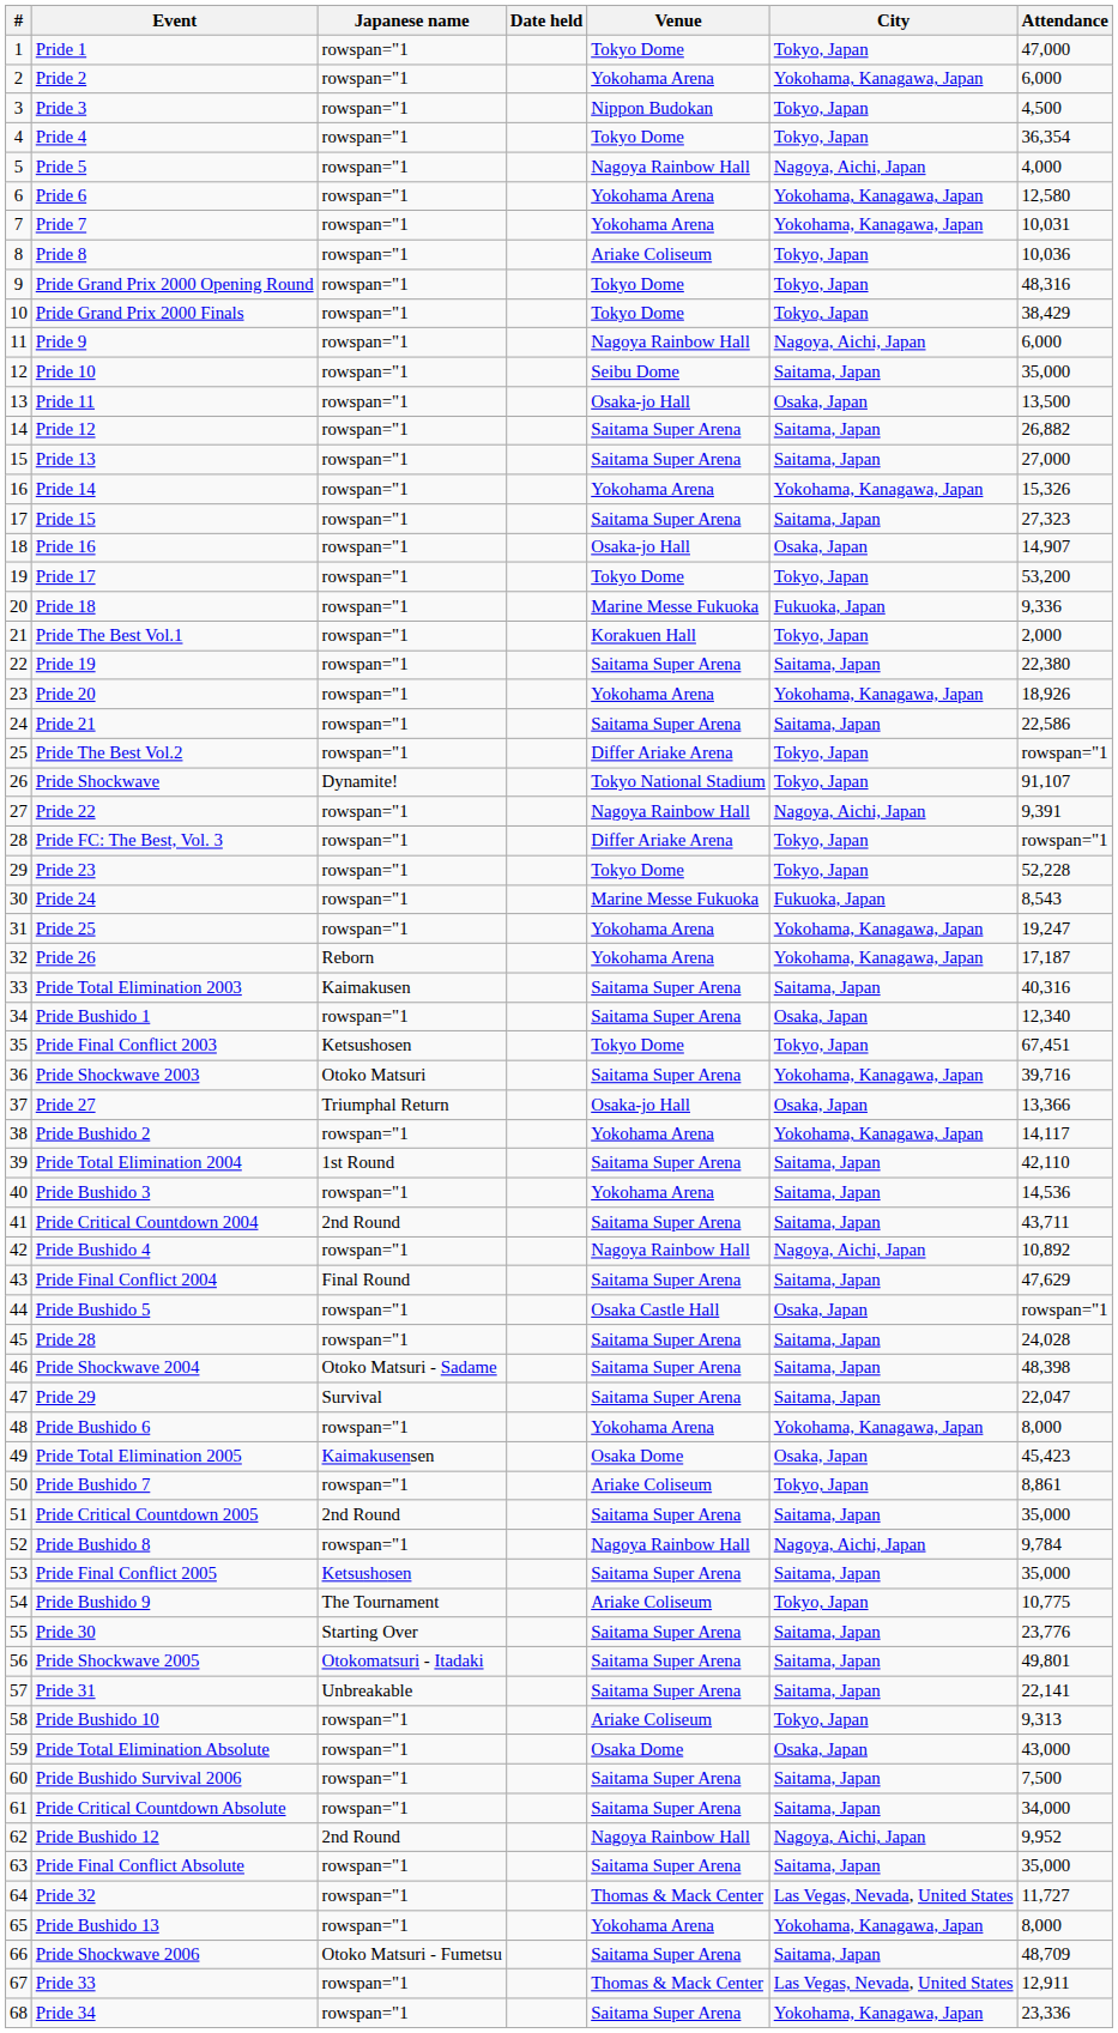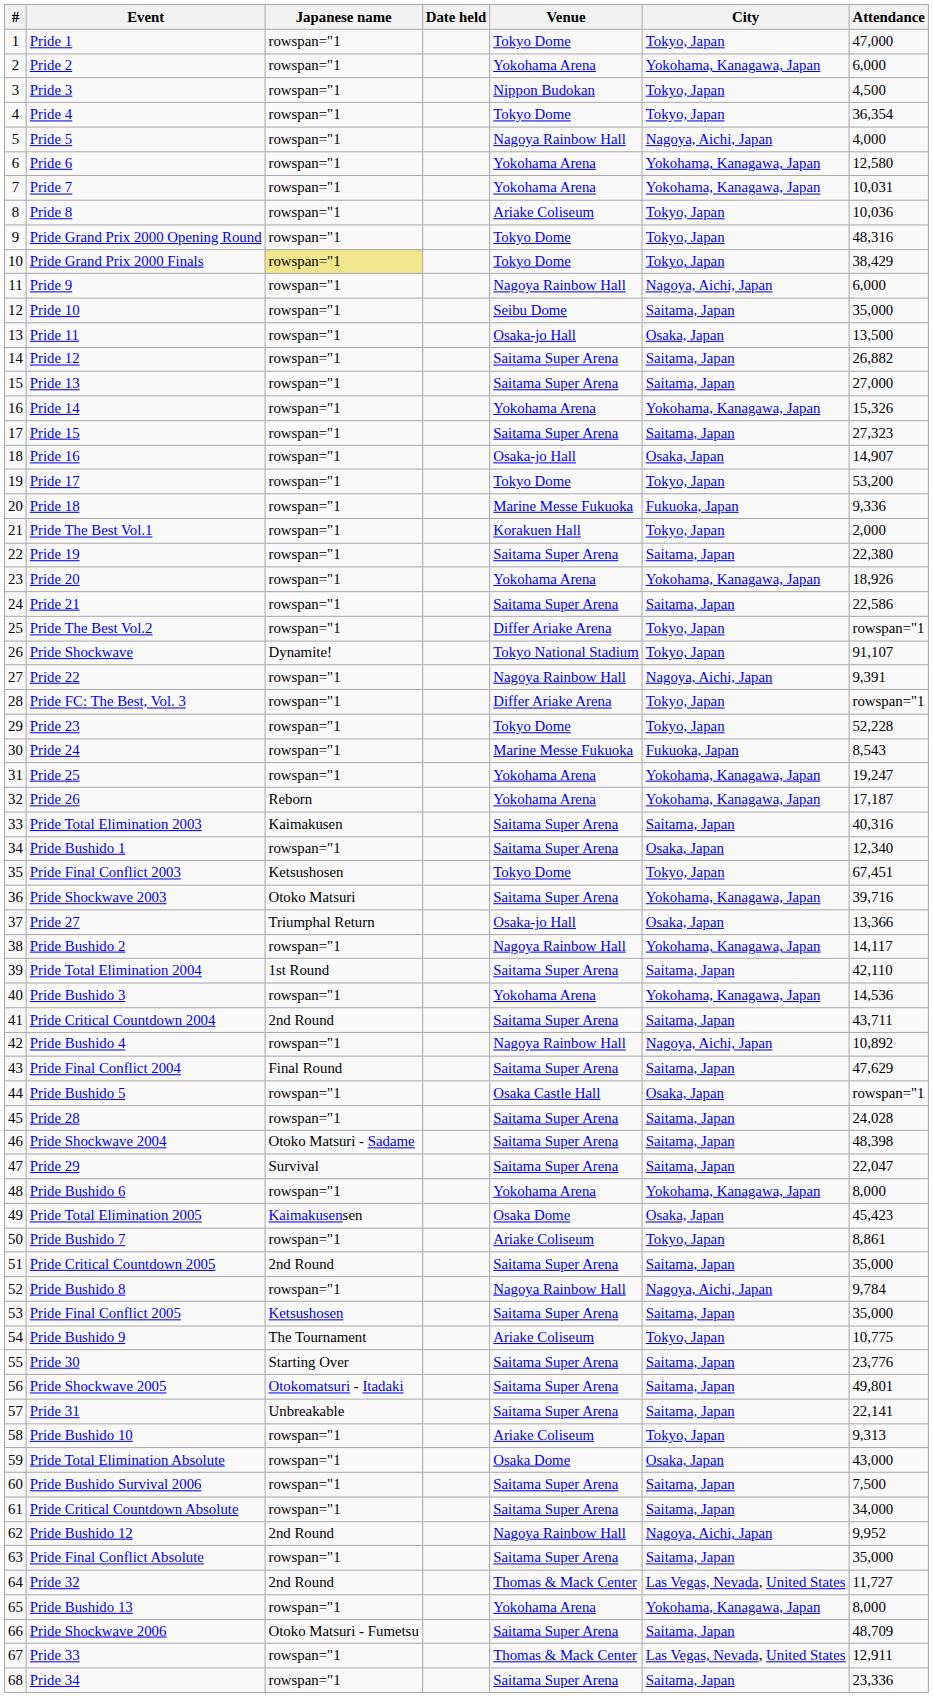 <table class="sortable wikitable succession-box" style="font-size:90%;">
 <tr>
 <th>#</th>
 <th>Event</th>
 <th>Japanese name</th>
 <th>Date held</th>
 <th>Venue</th>
 <th>City</th>
 <th>Attendance</th>
 </tr>
 <tr>
 <td style="text-align:center">1</td>
 <td><a href='#'>Pride 1</a></td>
 <td>rowspan="1 </td>
 <td></td>
 <td><a href='#'>Tokyo Dome</a></td>
 <td><a href='#'>Tokyo, Japan</a></td>
 <td>47,000</td>
 </tr>
 <tr>
 <td style="text-align:center">2</td>
 <td><a href='#'>Pride 2</a></td>
 <td>rowspan="1 </td>
 <td></td>
 <td><a href='#'>Yokohama Arena</a></td>
 <td><a href='#'>Yokohama, Kanagawa, Japan</a></td>
 <td>6,000</td>
 </tr>
 <tr>
 <td style="text-align:center">3</td>
 <td><a href='#'>Pride 3</a></td>
 <td>rowspan="1 </td>
 <td></td>
 <td><a href='#'>Nippon Budokan</a></td>
 <td><a href='#'>Tokyo, Japan</a></td>
 <td>4,500</td>
 </tr>
 <tr>
 <td style="text-align:center">4</td>
 <td><a href='#'>Pride 4</a></td>
 <td>rowspan="1 </td>
 <td></td>
 <td><a href='#'>Tokyo Dome</a></td>
 <td><a href='#'>Tokyo, Japan</a></td>
 <td>36,354</td>
 </tr>
 <tr>
 <td style="text-align:center">5</td>
 <td><a href='#'>Pride 5</a></td>
 <td>rowspan="1 </td>
 <td></td>
 <td><a href='#'>Nagoya Rainbow Hall</a></td>
 <td><a href='#'>Nagoya, Aichi, Japan</a></td>
 <td>4,000</td>
 </tr>
 <tr>
 <td style="text-align:center">6</td>
 <td><a href='#'>Pride 6</a></td>
 <td>rowspan="1 </td>
 <td></td>
 <td><a href='#'>Yokohama Arena</a></td>
 <td><a href='#'>Yokohama, Kanagawa, Japan</a></td>
 <td>12,580</td>
 </tr>
 <tr>
 <td style="text-align:center">7</td>
 <td><a href='#'>Pride 7</a></td>
 <td>rowspan="1 </td>
 <td></td>
 <td><a href='#'>Yokohama Arena</a></td>
 <td><a href='#'>Yokohama, Kanagawa, Japan</a></td>
 <td>10,031</td>
 </tr>
 <tr>
 <td style="text-align:center">8</td>
 <td><a href='#'>Pride 8</a></td>
 <td>rowspan="1 </td>
 <td></td>
 <td><a href='#'>Ariake Coliseum</a></td>
 <td><a href='#'>Tokyo, Japan</a></td>
 <td>10,036</td>
 </tr>
 <tr>
 <td style="text-align:center">9</td>
 <td><a href='#'>Pride Grand Prix 2000 Opening Round</a></td>
 <td>rowspan="1 </td>
 <td></td>
 <td><a href='#'>Tokyo Dome</a></td>
 <td><a href='#'>Tokyo, Japan</a></td>
 <td>48,316</td>
 </tr>
 <tr>
 <td style="text-align:center">10</td>
 <td><a href='#'>Pride Grand Prix 2000 Finals</a></td>
-<td>rowspan="1 </td>
+<td style="background: khaki;">rowspan="1 </td>
 <td></td>
 <td><a href='#'>Tokyo Dome</a></td>
 <td><a href='#'>Tokyo, Japan</a></td>
 <td>38,429</td>
 </tr>
 <tr>
 <td style="text-align:center">11</td>
 <td><a href='#'>Pride 9</a></td>
 <td>rowspan="1 </td>
 <td></td>
 <td><a href='#'>Nagoya Rainbow Hall</a></td>
 <td><a href='#'>Nagoya, Aichi, Japan</a></td>
 <td>6,000</td>
 </tr>
 <tr>
 <td style="text-align:center">12</td>
 <td><a href='#'>Pride 10</a></td>
 <td>rowspan="1 </td>
 <td></td>
 <td><a href='#'>Seibu Dome</a></td>
 <td><a href='#'>Saitama, Japan</a></td>
 <td>35,000</td>
 </tr>
 <tr>
 <td style="text-align:center">13</td>
 <td><a href='#'>Pride 11</a></td>
 <td>rowspan="1 </td>
 <td></td>
 <td><a href='#'>Osaka-jo Hall</a></td>
 <td><a href='#'>Osaka, Japan</a></td>
 <td>13,500</td>
 </tr>
 <tr>
 <td style="text-align:center">14</td>
 <td><a href='#'>Pride 12</a></td>
 <td>rowspan="1 </td>
 <td></td>
 <td><a href='#'>Saitama Super Arena</a></td>
 <td><a href='#'>Saitama, Japan</a></td>
 <td>26,882</td>
 </tr>
 <tr>
 <td style="text-align:center">15</td>
 <td><a href='#'>Pride 13</a></td>
 <td>rowspan="1 </td>
 <td></td>
 <td><a href='#'>Saitama Super Arena</a></td>
 <td><a href='#'>Saitama, Japan</a></td>
 <td>27,000</td>
 </tr>
 <tr>
 <td style="text-align:center">16</td>
 <td><a href='#'>Pride 14</a></td>
 <td>rowspan="1 </td>
 <td></td>
 <td><a href='#'>Yokohama Arena</a></td>
 <td><a href='#'>Yokohama, Kanagawa, Japan</a></td>
 <td>15,326</td>
 </tr>
 <tr>
 <td style="text-align:center">17</td>
 <td><a href='#'>Pride 15</a></td>
 <td>rowspan="1 </td>
 <td></td>
 <td><a href='#'>Saitama Super Arena</a></td>
 <td><a href='#'>Saitama, Japan</a></td>
 <td>27,323</td>
 </tr>
 <tr>
 <td style="text-align:center">18</td>
 <td><a href='#'>Pride 16</a></td>
 <td>rowspan="1 </td>
 <td></td>
 <td><a href='#'>Osaka-jo Hall</a></td>
 <td><a href='#'>Osaka, Japan</a></td>
 <td>14,907</td>
 </tr>
 <tr>
 <td style="text-align:center">19</td>
 <td><a href='#'>Pride 17</a></td>
 <td>rowspan="1 </td>
 <td></td>
 <td><a href='#'>Tokyo Dome</a></td>
 <td><a href='#'>Tokyo, Japan</a></td>
 <td>53,200</td>
 </tr>
 <tr>
 <td style="text-align:center">20</td>
 <td><a href='#'>Pride 18</a></td>
 <td>rowspan="1 </td>
 <td></td>
 <td><a href='#'>Marine Messe Fukuoka</a></td>
 <td><a href='#'>Fukuoka, Japan</a></td>
 <td>9,336</td>
 </tr>
 <tr>
 <td style="text-align:center">21</td>
 <td><a href='#'>Pride The Best Vol.1</a></td>
 <td>rowspan="1 </td>
 <td></td>
 <td><a href='#'>Korakuen Hall</a></td>
 <td><a href='#'>Tokyo, Japan</a></td>
 <td>2,000</td>
 </tr>
 <tr>
 <td style="text-align:center">22</td>
 <td><a href='#'>Pride 19</a></td>
 <td>rowspan="1 </td>
 <td></td>
 <td><a href='#'>Saitama Super Arena</a></td>
 <td><a href='#'>Saitama, Japan</a></td>
 <td>22,380</td>
 </tr>
 <tr>
 <td style="text-align:center">23</td>
 <td><a href='#'>Pride 20</a></td>
 <td>rowspan="1 </td>
 <td></td>
 <td><a href='#'>Yokohama Arena</a></td>
 <td><a href='#'>Yokohama, Kanagawa, Japan</a></td>
 <td>18,926</td>
 </tr>
 <tr>
 <td style="text-align:center">24</td>
 <td><a href='#'>Pride 21</a></td>
 <td>rowspan="1 </td>
 <td></td>
 <td><a href='#'>Saitama Super Arena</a></td>
 <td><a href='#'>Saitama, Japan</a></td>
 <td>22,586</td>
 </tr>
 <tr>
 <td style="text-align:center">25</td>
 <td><a href='#'>Pride The Best Vol.2</a></td>
 <td>rowspan="1 </td>
 <td></td>
 <td><a href='#'>Differ Ariake Arena</a></td>
 <td><a href='#'>Tokyo, Japan</a></td>
 <td>rowspan="1 </td>
 </tr>
 <tr>
 <td style="text-align:center">26</td>
 <td><a href='#'>Pride Shockwave</a></td>
 <td>Dynamite!</td>
 <td></td>
 <td><a href='#'>Tokyo National Stadium</a></td>
 <td><a href='#'>Tokyo, Japan</a></td>
 <td>91,107</td>
 </tr>
 <tr>
 <td style="text-align:center">27</td>
 <td><a href='#'>Pride 22</a></td>
 <td>rowspan="1 </td>
 <td></td>
 <td><a href='#'>Nagoya Rainbow Hall</a></td>
 <td><a href='#'>Nagoya, Aichi, Japan</a></td>
 <td>9,391</td>
 </tr>
 <tr>
 <td style="text-align:center">28</td>
 <td><a href='#'>Pride FC: The Best, Vol. 3</a></td>
 <td>rowspan="1 </td>
 <td></td>
 <td><a href='#'>Differ Ariake Arena</a></td>
 <td><a href='#'>Tokyo, Japan</a></td>
 <td>rowspan="1 </td>
 </tr>
 <tr>
 <td style="text-align:center">29</td>
 <td><a href='#'>Pride 23</a></td>
 <td>rowspan="1 </td>
 <td></td>
 <td><a href='#'>Tokyo Dome</a></td>
 <td><a href='#'>Tokyo, Japan</a></td>
 <td>52,228</td>
 </tr>
 <tr>
 <td style="text-align:center">30</td>
 <td><a href='#'>Pride 24</a></td>
 <td>rowspan="1 </td>
 <td></td>
 <td><a href='#'>Marine Messe Fukuoka</a></td>
 <td><a href='#'>Fukuoka, Japan</a></td>
 <td>8,543</td>
 </tr>
 <tr>
 <td style="text-align:center">31</td>
 <td><a href='#'>Pride 25</a></td>
 <td>rowspan="1 </td>
 <td></td>
 <td><a href='#'>Yokohama Arena</a></td>
 <td><a href='#'>Yokohama, Kanagawa, Japan</a></td>
 <td>19,247</td>
 </tr>
 <tr>
 <td style="text-align:center">32</td>
 <td><a href='#'>Pride 26</a></td>
 <td>Reborn</td>
 <td></td>
 <td><a href='#'>Yokohama Arena</a></td>
 <td><a href='#'>Yokohama, Kanagawa, Japan</a></td>
 <td>17,187</td>
 </tr>
 <tr>
 <td style="text-align:center">33</td>
 <td><a href='#'>Pride Total Elimination 2003</a></td>
 <td>Kaimakusen</td>
 <td></td>
 <td><a href='#'>Saitama Super Arena</a></td>
 <td><a href='#'>Saitama, Japan</a></td>
 <td>40,316</td>
 </tr>
 <tr>
 <td style="text-align:center">34</td>
 <td><a href='#'>Pride Bushido 1</a></td>
 <td>rowspan="1 </td>
 <td></td>
 <td><a href='#'>Saitama Super Arena</a></td>
 <td><a href='#'>Osaka, Japan</a></td>
 <td>12,340</td>
 </tr>
 <tr>
 <td style="text-align:center">35</td>
 <td><a href='#'>Pride Final Conflict 2003</a></td>
 <td>Ketsushosen</td>
 <td></td>
 <td><a href='#'>Tokyo Dome</a></td>
 <td><a href='#'>Tokyo, Japan</a></td>
 <td>67,451</td>
 </tr>
 <tr>
 <td style="text-align:center">36</td>
 <td><a href='#'>Pride Shockwave 2003</a></td>
 <td>Otoko Matsuri</td>
 <td></td>
 <td><a href='#'>Saitama Super Arena</a></td>
 <td><a href='#'>Yokohama, Kanagawa, Japan</a></td>
 <td>39,716</td>
 </tr>
 <tr>
 <td style="text-align:center">37</td>
 <td><a href='#'>Pride 27</a></td>
 <td>Triumphal Return</td>
 <td></td>
 <td><a href='#'>Osaka-jo Hall</a></td>
 <td><a href='#'>Osaka, Japan</a></td>
 <td>13,366</td>
 </tr>
 <tr>
 <td style="text-align:center">38</td>
 <td><a href='#'>Pride Bushido 2</a></td>
 <td>rowspan="1 </td>
 <td></td>
-<td><a href='#'>Yokohama Arena</a></td>
+<td><a href='#'>Nagoya Rainbow Hall</a></td>
 <td><a href='#'>Yokohama, Kanagawa, Japan</a></td>
 <td>14,117</td>
 </tr>
 <tr>
 <td style="text-align:center">39</td>
 <td><a href='#'>Pride Total Elimination 2004</a></td>
 <td>1st Round</td>
 <td></td>
 <td><a href='#'>Saitama Super Arena</a></td>
 <td><a href='#'>Saitama, Japan</a></td>
 <td>42,110</td>
 </tr>
 <tr>
 <td style="text-align:center">40</td>
 <td><a href='#'>Pride Bushido 3</a></td>
 <td>rowspan="1 </td>
 <td></td>
 <td><a href='#'>Yokohama Arena</a></td>
-<td><a href='#'>Saitama, Japan</a></td>
+<td><a href='#'>Yokohama, Kanagawa, Japan</a></td>
 <td>14,536</td>
 </tr>
 <tr>
 <td style="text-align:center">41</td>
 <td><a href='#'>Pride Critical Countdown 2004</a></td>
 <td>2nd Round</td>
 <td></td>
 <td><a href='#'>Saitama Super Arena</a></td>
 <td><a href='#'>Saitama, Japan</a></td>
 <td>43,711</td>
 </tr>
 <tr>
 <td style="text-align:center">42</td>
 <td><a href='#'>Pride Bushido 4</a></td>
 <td>rowspan="1 </td>
 <td></td>
 <td><a href='#'>Nagoya Rainbow Hall</a></td>
 <td><a href='#'>Nagoya, Aichi, Japan</a></td>
 <td>10,892</td>
 </tr>
 <tr>
 <td style="text-align:center">43</td>
 <td><a href='#'>Pride Final Conflict 2004</a></td>
 <td>Final Round</td>
 <td></td>
 <td><a href='#'>Saitama Super Arena</a></td>
 <td><a href='#'>Saitama, Japan</a></td>
 <td>47,629</td>
 </tr>
 <tr>
 <td style="text-align:center">44</td>
 <td><a href='#'>Pride Bushido 5</a></td>
 <td>rowspan="1 </td>
 <td></td>
 <td><a href='#'>Osaka Castle Hall</a></td>
 <td><a href='#'>Osaka, Japan</a></td>
 <td>rowspan="1 </td>
 </tr>
 <tr>
 <td style="text-align:center">45</td>
 <td><a href='#'>Pride 28</a></td>
 <td>rowspan="1 </td>
 <td></td>
 <td><a href='#'>Saitama Super Arena</a></td>
 <td><a href='#'>Saitama, Japan</a></td>
 <td>24,028</td>
 </tr>
 <tr>
 <td style="text-align:center">46</td>
 <td><a href='#'>Pride Shockwave 2004</a></td>
 <td>Otoko Matsuri - <a href='#'>Sadame</a></td>
 <td></td>
 <td><a href='#'>Saitama Super Arena</a></td>
 <td><a href='#'>Saitama, Japan</a></td>
 <td>48,398</td>
 </tr>
 <tr>
 <td style="text-align:center">47</td>
 <td><a href='#'>Pride 29</a></td>
 <td>Survival</td>
 <td></td>
 <td><a href='#'>Saitama Super Arena</a></td>
 <td><a href='#'>Saitama, Japan</a></td>
 <td>22,047</td>
 </tr>
 <tr>
 <td style="text-align:center">48</td>
 <td><a href='#'>Pride Bushido 6</a></td>
 <td>rowspan="1 </td>
 <td></td>
 <td><a href='#'>Yokohama Arena</a></td>
 <td><a href='#'>Yokohama, Kanagawa, Japan</a></td>
 <td>8,000</td>
 </tr>
 <tr>
 <td style="text-align:center">49</td>
 <td><a href='#'>Pride Total Elimination 2005</a></td>
 <td><a href='#'>Kai</a><a href='#'>makusen</a>sen</td>
 <td></td>
 <td><a href='#'>Osaka Dome</a></td>
 <td><a href='#'>Osaka, Japan</a></td>
 <td>45,423</td>
 </tr>
 <tr>
 <td style="text-align:center">50</td>
 <td><a href='#'>Pride Bushido 7</a></td>
 <td>rowspan="1 </td>
 <td></td>
 <td><a href='#'>Ariake Coliseum</a></td>
 <td><a href='#'>Tokyo, Japan</a></td>
 <td>8,861</td>
 </tr>
 <tr>
 <td style="text-align:center">51</td>
 <td><a href='#'>Pride Critical Countdown 2005</a></td>
 <td>2nd Round</td>
 <td></td>
 <td><a href='#'>Saitama Super Arena</a></td>
 <td><a href='#'>Saitama, Japan</a></td>
 <td>35,000</td>
 </tr>
 <tr>
 <td style="text-align:center">52</td>
 <td><a href='#'>Pride Bushido 8</a></td>
 <td>rowspan="1 </td>
 <td></td>
 <td><a href='#'>Nagoya Rainbow Hall</a></td>
 <td><a href='#'>Nagoya, Aichi, Japan</a></td>
 <td>9,784</td>
 </tr>
 <tr>
 <td style="text-align:center">53</td>
 <td><a href='#'>Pride Final Conflict 2005</a></td>
 <td><a href='#'>Ketsu</a><a href='#'>sho</a><a href='#'>sen</a></td>
 <td></td>
 <td><a href='#'>Saitama Super Arena</a></td>
 <td><a href='#'>Saitama, Japan</a></td>
 <td>35,000</td>
 </tr>
 <tr>
 <td style="text-align:center">54</td>
 <td><a href='#'>Pride Bushido 9</a></td>
 <td>The Tournament</td>
 <td></td>
 <td><a href='#'>Ariake Coliseum</a></td>
 <td><a href='#'>Tokyo, Japan</a></td>
 <td>10,775</td>
 </tr>
 <tr>
 <td style="text-align:center">55</td>
 <td><a href='#'>Pride 30</a></td>
 <td>Starting Over</td>
 <td></td>
 <td><a href='#'>Saitama Super Arena</a></td>
 <td><a href='#'>Saitama, Japan</a></td>
 <td>23,776</td>
 </tr>
 <tr>
 <td style="text-align:center">56</td>
 <td><a href='#'>Pride Shockwave 2005</a></td>
 <td><a href='#'>Otoko</a><a href='#'>matsuri</a> - <a href='#'>Itadaki</a></td>
 <td></td>
 <td><a href='#'>Saitama Super Arena</a></td>
 <td><a href='#'>Saitama, Japan</a></td>
 <td>49,801</td>
 </tr>
 <tr>
 <td style="text-align:center">57</td>
 <td><a href='#'>Pride 31</a></td>
 <td>Unbreakable</td>
 <td></td>
 <td><a href='#'>Saitama Super Arena</a></td>
 <td><a href='#'>Saitama, Japan</a></td>
 <td>22,141</td>
 </tr>
 <tr>
 <td style="text-align:center">58</td>
 <td><a href='#'>Pride Bushido 10</a></td>
 <td>rowspan="1 </td>
 <td></td>
 <td><a href='#'>Ariake Coliseum</a></td>
 <td><a href='#'>Tokyo, Japan</a></td>
 <td>9,313</td>
 </tr>
 <tr>
 <td style="text-align:center">59</td>
 <td><a href='#'>Pride Total Elimination Absolute</a></td>
 <td>rowspan="1 </td>
 <td></td>
 <td><a href='#'>Osaka Dome</a></td>
 <td><a href='#'>Osaka, Japan</a></td>
 <td>43,000</td>
 </tr>
 <tr>
 <td style="text-align:center">60</td>
 <td><a href='#'>Pride Bushido Survival 2006</a></td>
 <td>rowspan="1 </td>
 <td></td>
 <td><a href='#'>Saitama Super Arena</a></td>
 <td><a href='#'>Saitama, Japan</a></td>
 <td>7,500</td>
 </tr>
 <tr>
 <td style="text-align:center">61</td>
 <td><a href='#'>Pride Critical Countdown Absolute</a></td>
 <td>rowspan="1 </td>
 <td></td>
 <td><a href='#'>Saitama Super Arena</a></td>
 <td><a href='#'>Saitama, Japan</a></td>
 <td>34,000</td>
 </tr>
 <tr>
 <td style="text-align:center">62</td>
 <td><a href='#'>Pride Bushido 12</a></td>
 <td>2nd Round</td>
 <td></td>
 <td><a href='#'>Nagoya Rainbow Hall</a></td>
 <td><a href='#'>Nagoya, Aichi, Japan</a></td>
 <td>9,952</td>
 </tr>
 <tr>
 <td style="text-align:center">63</td>
 <td><a href='#'>Pride Final Conflict Absolute</a></td>
 <td>rowspan="1 </td>
 <td></td>
 <td><a href='#'>Saitama Super Arena</a></td>
 <td><a href='#'>Saitama, Japan</a></td>
 <td>35,000</td>
 </tr>
 <tr>
 <td style="text-align:center">64</td>
 <td><a href='#'>Pride 32</a></td>
-<td>rowspan="1 </td>
+<td>2nd Round</td>
 <td></td>
 <td><a href='#'>Thomas & Mack Center</a></td>
 <td><a href='#'>Las Vegas, Nevada</a>, <a href='#'>United States</a></td>
 <td>11,727</td>
 </tr>
 <tr>
 <td style="text-align:center">65</td>
 <td><a href='#'>Pride Bushido 13</a></td>
 <td>rowspan="1 </td>
 <td></td>
 <td><a href='#'>Yokohama Arena</a></td>
 <td><a href='#'>Yokohama, Kanagawa, Japan</a></td>
 <td>8,000</td>
 </tr>
 <tr>
 <td style="text-align:center">66</td>
 <td><a href='#'>Pride Shockwave 2006</a></td>
 <td>Otoko Matsuri - Fumetsu</td>
 <td></td>
 <td><a href='#'>Saitama Super Arena</a></td>
 <td><a href='#'>Saitama, Japan</a></td>
 <td>48,709</td>
 </tr>
 <tr>
 <td style="text-align:center">67</td>
 <td><a href='#'>Pride 33</a></td>
 <td>rowspan="1 </td>
 <td></td>
 <td><a href='#'>Thomas & Mack Center</a></td>
 <td><a href='#'>Las Vegas, Nevada</a>, <a href='#'>United States</a></td>
 <td>12,911</td>
 </tr>
 <tr>
 <td style="text-align:center">68</td>
 <td><a href='#'>Pride 34</a></td>
 <td>rowspan="1 </td>
 <td></td>
 <td><a href='#'>Saitama Super Arena</a></td>
-<td><a href='#'>Yokohama, Kanagawa, Japan</a></td>
+<td><a href='#'>Saitama, Japan</a></td>
 <td>23,336</td>
 </tr>
 <tr>
 </tr>
 </table>
